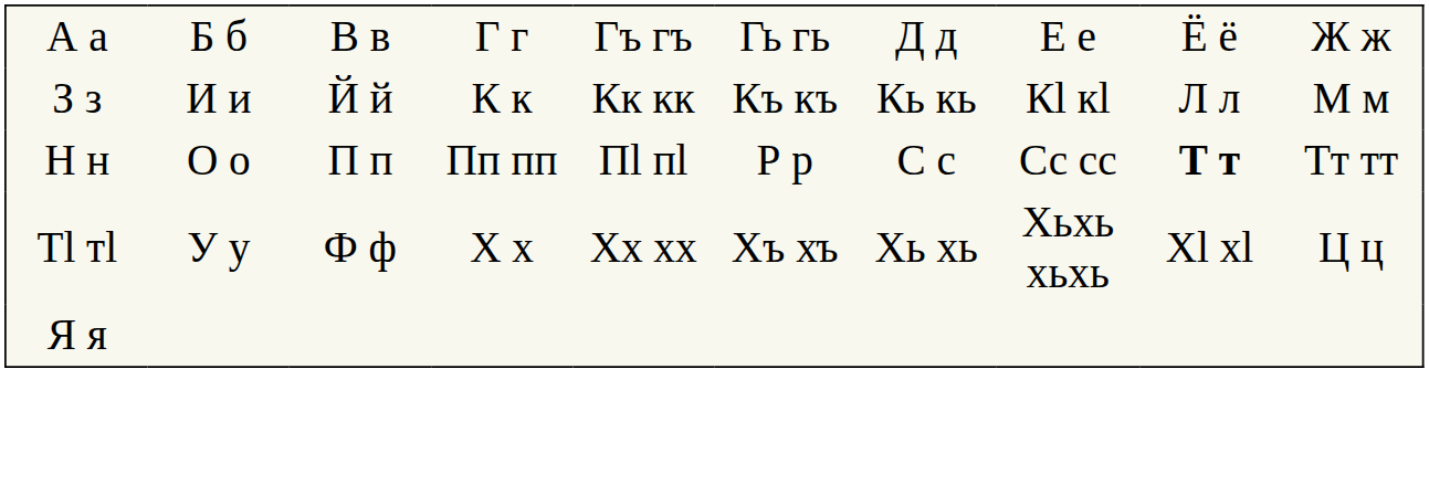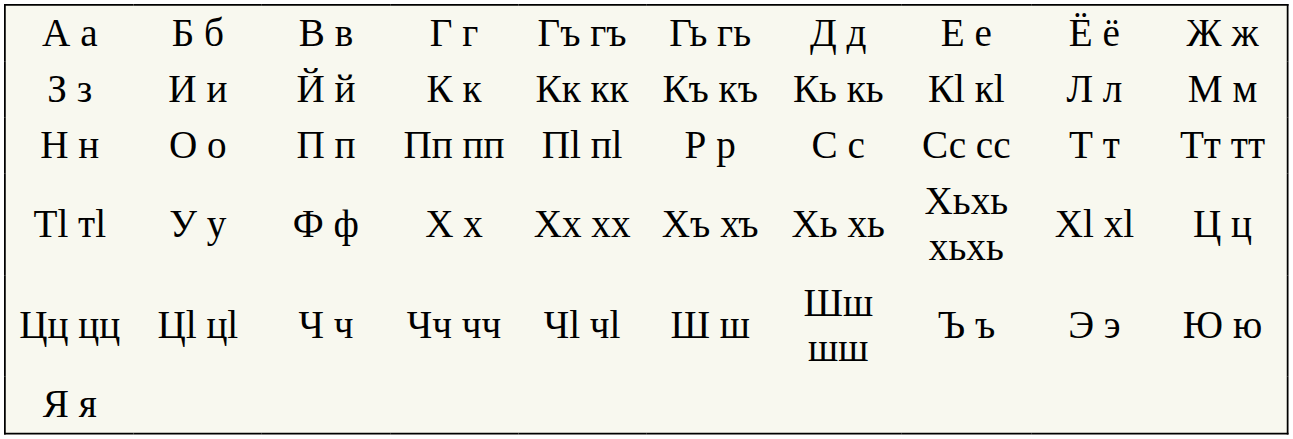 <table style="font-family:Arial Unicode MS; font-size:1.4em; border-color:#000; border-width:1px; border-style:solid; border-collapse:collapse; background:#f8f8ef;">
 <tr>
 <td style="width:3em; text-align:center; padding: 3px;">А а<br></td>
 <td style="width:3em; text-align:center; padding: 3px;">Б б<br></td>
 <td style="width:3em; text-align:center; padding: 3px;">В в<br></td>
 <td style="width:3em; text-align:center; padding: 3px;">Г г<br></td>
 <td style="width:3em; text-align:center; padding: 3px;">Гъ гъ<br></td>
 <td style="width:3em; text-align:center; padding: 3px;">Гь гь<br></td>
 <td style="width:3em; text-align:center; padding: 3px;">Д д<br></td>
 <td style="width:3em; text-align:center; padding: 3px;">Е е<br></td>
 <td style="width:3em; text-align:center; padding: 3px;">Ё ё<br></td>
 <td style="width:3em; text-align:center; padding: 3px;">Ж ж<br></td>
 </tr>
 <tr>
 <td style="width:3em; text-align:center; padding: 3px;">З з<br></td>
 <td style="width:3em; text-align:center; padding: 3px;">И и<br></td>
 <td style="width:3em; text-align:center; padding: 3px;">Й й<br></td>
 <td style="width:3em; text-align:center; padding: 3px;">К к<br></td>
 <td style="width:3em; text-align:center; padding: 3px;">Кк кк<br></td>
 <td style="width:3em; text-align:center; padding: 3px;">Къ къ<br></td>
 <td style="width:3em; text-align:center; padding: 3px;">Кь кь<br></td>
 <td style="width:3em; text-align:center; padding: 3px;">Кӏ кӏ<br></td>
 <td style="width:3em; text-align:center; padding: 3px;">Л л<br></td>
 <td style="width:3em; text-align:center; padding: 3px;">М м<br></td>
 </tr>
 <tr>
 <td style="width:3em; text-align:center; padding: 3px;">Н н<br></td>
 <td style="width:3em; text-align:center; padding: 3px;">О о<br></td>
 <td style="width:3em; text-align:center; padding: 3px;">П п<br></td>
 <td style="width:3em; text-align:center; padding: 3px;">Пп пп<br></td>
 <td style="width:3em; text-align:center; padding: 3px;">Пӏ пӏ<br></td>
 <td style="width:3em; text-align:center; padding: 3px;">Р р<br></td>
 <td style="width:3em; text-align:center; padding: 3px;">С с<br></td>
 <td style="width:3em; text-align:center; padding: 3px;">Сс сс<br></td>
-<td style="width:3em; text-align:center; padding: 3px;"><strong>Т т<br></strong></td>
+<td style="width:3em; text-align:center; padding: 3px;">Т т<br></td>
 <td style="width:3em; text-align:center; padding: 3px;">Тт тт<br></td>
 </tr>
 <tr>
 <td style="width:3em; text-align:center; padding: 3px;">Тӏ тӏ<br></td>
 <td style="width:3em; text-align:center; padding: 3px;">У у<br></td>
 <td style="width:3em; text-align:center; padding: 3px;">Ф ф<br></td>
 <td style="width:3em; text-align:center; padding: 3px;">Х х<br></td>
 <td style="width:3em; text-align:center; padding: 3px;">Хх хх<br></td>
 <td style="width:3em; text-align:center; padding: 3px;">Хъ хъ<br></td>
 <td style="width:3em; text-align:center; padding: 3px;">Хь хь<br></td>
 <td style="width:3em; text-align:center; padding: 3px;">Хьхь хьхь<br></td>
 <td style="width:3em; text-align:center; padding: 3px;">Хӏ хӏ<br></td>
 <td style="width:3em; text-align:center; padding: 3px;">Ц ц<br></td>
 </tr>
 <tr>
+<td style="width:3em; text-align:center; padding: 3px;">Цц цц<br></td>
+<td style="width:3em; text-align:center; padding: 3px;">Цӏ цӏ<br></td>
+<td style="width:3em; text-align:center; padding: 3px;">Ч ч<br></td>
+<td style="width:3em; text-align:center; padding: 3px;">Чч чч<br></td>
+<td style="width:3em; text-align:center; padding: 3px;">Чӏ чӏ<br></td>
+<td style="width:3em; text-align:center; padding: 3px;">Ш ш<br></td>
+<td style="width:3em; text-align:center; padding: 3px;">Шш шш<br></td>
+<td style="width:3em; text-align:center; padding: 3px;">Ъ ъ<br></td>
+<td style="width:3em; text-align:center; padding: 3px;">Э э<br></td>
+<td style="width:3em; text-align:center; padding: 3px;">Ю ю<br></td>
+</tr>
+<tr>
 <td style="width:3em; text-align:center; padding: 3px;">Я я<br></td>
 </tr>
 </table>
